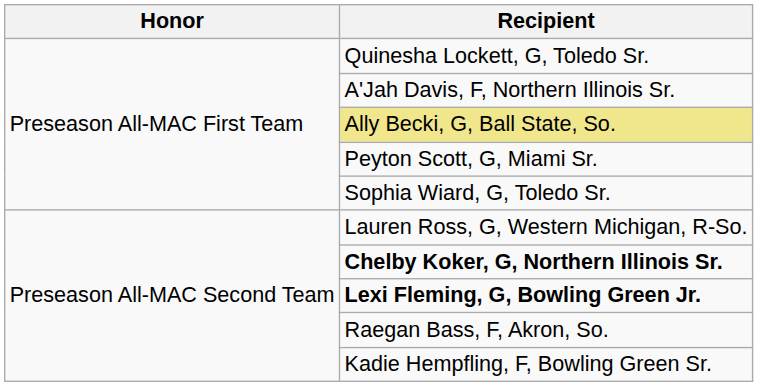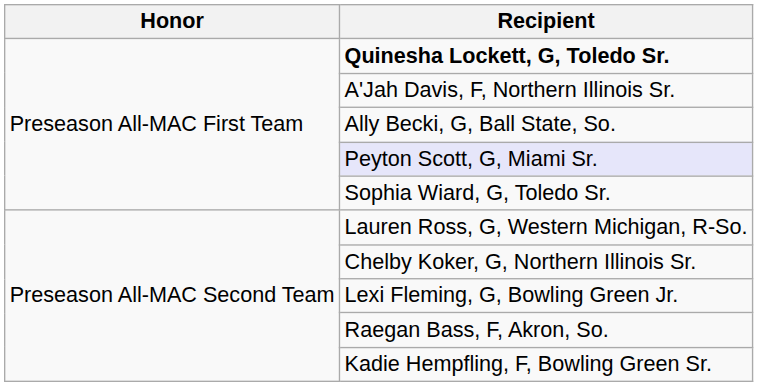 <table class="wikitable" border="1">
 <tr>
 <th>Honor</th>
 <th>Recipient</th>
 </tr>
 <tr>
 <td rowspan=5 valign=middle>Preseason All-MAC First Team</td>
-<td>Quinesha Lockett, G, Toledo Sr.</td>
+<td><strong>Quinesha Lockett, G, Toledo Sr.</strong></td>
 </tr>
 <tr>
 <td>A'Jah Davis, F, Northern Illinois Sr.</td>
 </tr>
 <tr>
-<td style="background: khaki;">Ally Becki, G, Ball State, So.</td>
+<td>Ally Becki, G, Ball State, So.</td>
 </tr>
 <tr>
-<td>Peyton Scott, G, Miami Sr.</td>
+<td style="background: lavender;">Peyton Scott, G, Miami Sr.</td>
 </tr>
 <tr>
 <td>Sophia Wiard, G, Toledo Sr.</td>
 </tr>
 <tr>
 <td rowspan=6 valign=middle>Preseason All-MAC Second Team</td>
 <td>Lauren Ross, G, Western Michigan, R-So.</td>
 </tr>
 <tr>
-<td><strong>Chelby Koker, G, Northern Illinois Sr.</strong></td>
+<td>Chelby Koker, G, Northern Illinois Sr.</td>
 </tr>
 <tr>
-<td><strong>Lexi Fleming, G, Bowling Green Jr.</strong></td>
+<td>Lexi Fleming, G, Bowling Green Jr.</td>
 </tr>
 <tr>
 <td>Raegan Bass, F, Akron, So.</td>
 </tr>
 <tr>
 <td>Kadie Hempfling, F, Bowling Green Sr.</td>
 </tr>
 </table>
